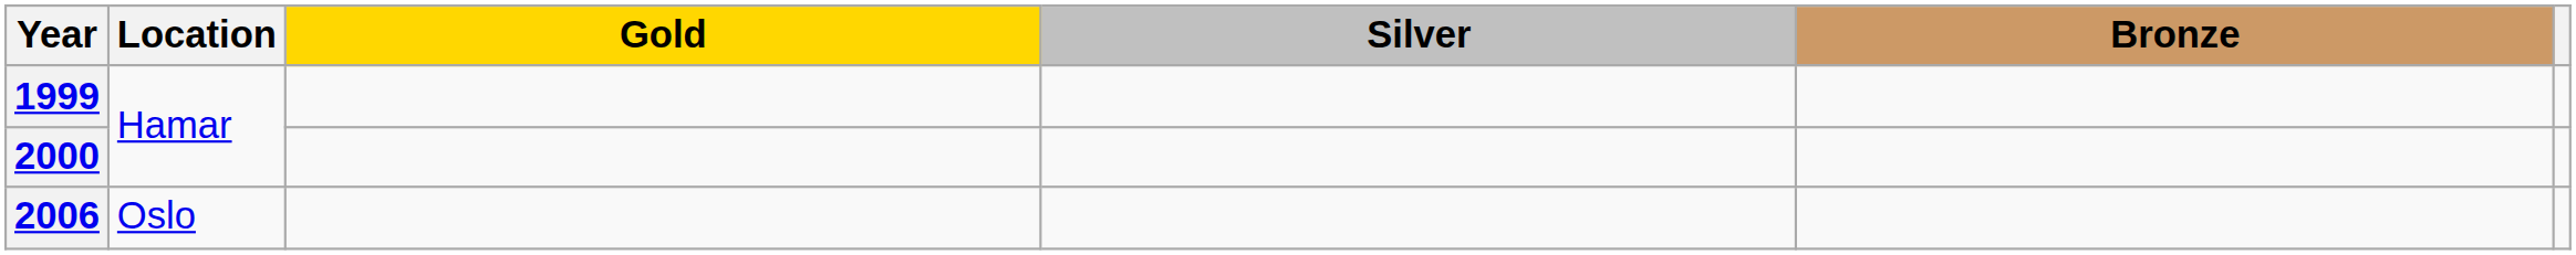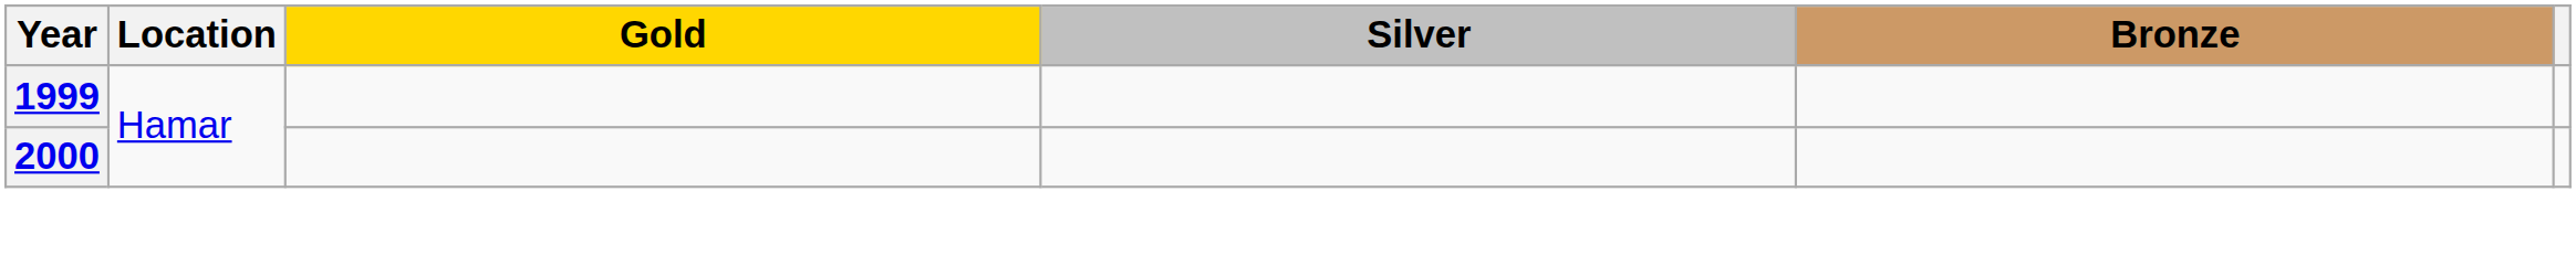 <table class="wikitable unsortable" style="text-align:left; width:85%">
 <tr>
 <th scope="col" style="text-align:center">Year</th>
 <th scope="col" style="text-align:center">Location</th>
 <td scope="col" style="text-align:center; width:30%; background:gold"><strong>Gold</strong></td>
 <td scope="col" style="text-align:center; width:30%; background:silver"><strong>Silver</strong></td>
 <td scope="col" style="text-align:center; width:30%; background:#c96"><strong>Bronze</strong></td>
 <th scope="col" style="text-align:center"></th>
 </tr>
 <tr>
 <th scope="row" style="text-align:left"><a href='#'>1999</a></th>
 <td rowspan="2"><a href='#'>Hamar</a></td>
 <td></td>
 <td></td>
 <td></td>
 <td></td>
 </tr>
 <tr>
 <th scope="row" style="text-align:left"><a href='#'>2000</a></th>
 <td></td>
 <td></td>
 <td></td>
 <td></td>
 </tr>
-<tr>
-<th scope="row" style="text-align:left"><a href='#'>2006</a></th>
-<td><a href='#'>Oslo</a></td>
-<td></td>
-<td></td>
-<td></td>
-<td></td>
-</tr>
 </table>
